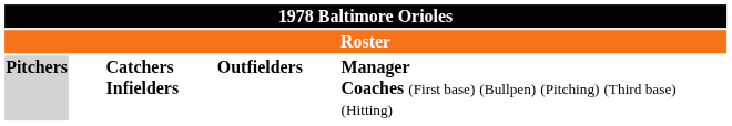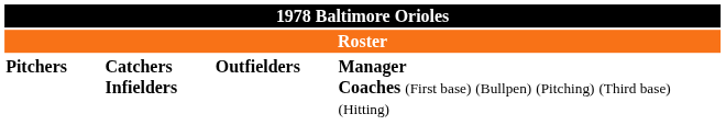 <table class="toccolours" style="font-size: 95%;">
 <tr>
 <th colspan="10" style="background-color: black; color: white; text-align: center;">1978 Baltimore Orioles</th>
 </tr>
 <tr>
 <td colspan="10" style="background-color: #F87217; color: white; text-align: center;"><strong>Roster</strong></td>
 </tr>
 <tr>
-<td valign="top" style="background: lightgrey;"><strong>Pitchers</strong><br>            </td>
+<td valign="top"><strong>Pitchers</strong><br>            </td>
 <td width="25px"></td>
 <td valign="top"><strong>Catchers</strong><br>   <strong>Infielders</strong>       </td>
 <td width="25px"></td>
 <td valign="top"><strong>Outfielders</strong><br>         </td>
 <td width="25px"></td>
 <td valign="top"><strong>Manager</strong><br> <strong>Coaches</strong>  <small>(First base)</small>  <small>(Bullpen)</small>  <small>(Pitching)</small>  <small>(Third base)</small>  <small>(Hitting)</small></td>
 </tr>
 <tr>
 </tr>
 </table>
